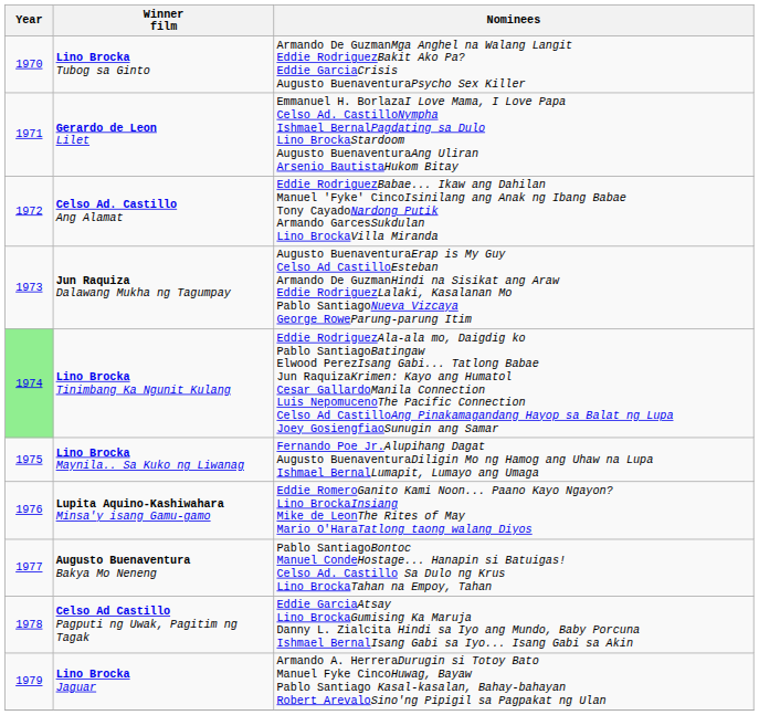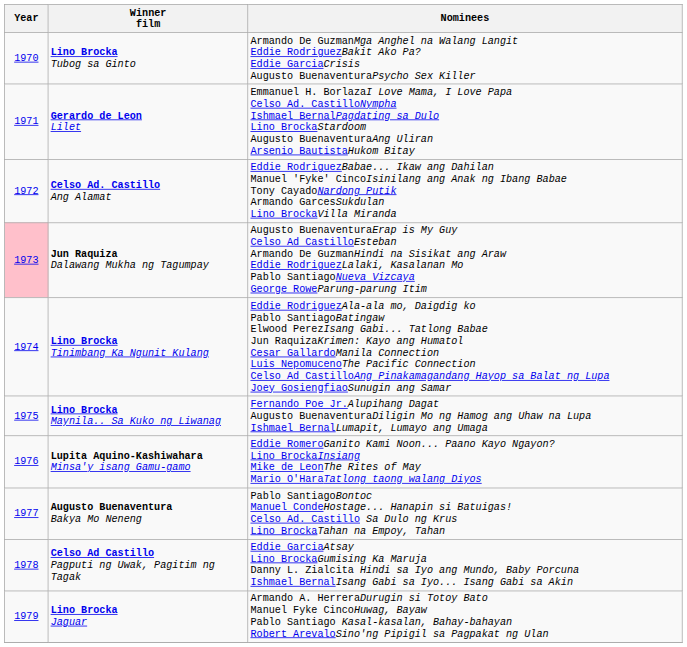 <table class="wikitable">
 <tr>
 <th width="50">Year</th>
 <th width="250">Winner<br>film</th>
 <th width="550">Nominees</th>
 </tr>
 <tr>
 <td align="center"><a href='#'>1970</a></td>
 <td><strong><a href='#'>Lino Brocka</a></strong><br><em>Tubog sa Ginto</em></td>
 <td>Armando De Guzman<em>Mga Anghel na Walang Langit</em> <br><a href='#'>Eddie Rodriguez</a><em>Bakit Ako Pa?</em><br><a href='#'>Eddie Garcia</a><em>Crisis</em><br>Augusto Buenaventura<em>Psycho Sex Killer</em></td>
 </tr>
 <tr>
 <td align="center"><a href='#'>1971</a></td>
 <td><strong><a href='#'>Gerardo de Leon</a></strong><br><em><a href='#'>Lilet</a></em></td>
 <td>Emmanuel H. Borlaza<em>I Love Mama, I Love Papa</em> <br><a href='#'>Celso Ad. Castillo</a><em><a href='#'>Nympha</a></em> <br><a href='#'>Ishmael Bernal</a><em><a href='#'>Pagdating sa Dulo</a></em><br><a href='#'>Lino Brocka</a><em>Stardoom</em><br>Augusto Buenaventura<em>Ang Uliran</em><br><a href='#'>Arsenio Bautista</a><em>Hukom Bitay</em></td>
 </tr>
 <tr>
 <td align="center"><a href='#'>1972</a></td>
 <td><strong><a href='#'>Celso Ad. Castillo</a></strong><br><em>Ang Alamat</em></td>
 <td><a href='#'>Eddie Rodriguez</a><em>Babae... Ikaw ang Dahilan</em> <br>Manuel 'Fyke' Cinco<em>Isinilang ang Anak ng Ibang Babae</em> <br>Tony Cayado<em><a href='#'>Nardong Putik</a></em><br>Armando Garces<em>Sukdulan</em><br><a href='#'>Lino Brocka</a><em>Villa Miranda</em></td>
 </tr>
 <tr>
-<td align="center"><a href='#'>1973</a></td>
+<td align="center" style="background: pink;"><a href='#'>1973</a></td>
 <td><strong>Jun Raquiza</strong><br><em>Dalawang Mukha ng Tagumpay</em></td>
 <td>Augusto Buenaventura<em>Erap is My Guy</em><br><a href='#'>Celso Ad Castillo</a><em>Esteban</em> <br>Armando De Guzman<em>Hindi na Sisikat ang Araw</em> <br><a href='#'>Eddie Rodriguez</a><em>Lalaki, Kasalanan Mo</em><br>Pablo Santiago<em><a href='#'>Nueva Vizcaya</a></em><br><a href='#'>George Rowe</a><em>Parung-parung Itim</em></td>
 </tr>
 <tr>
-<td align="center" style="background: lightgreen;"><a href='#'>1974</a></td>
+<td align="center"><a href='#'>1974</a></td>
 <td><strong><a href='#'>Lino Brocka</a></strong><br><em><a href='#'>Tinimbang Ka Ngunit Kulang</a></em></td>
 <td><a href='#'>Eddie Rodriguez</a><em>Ala-ala mo, Daigdig ko</em><br>Pablo Santiago<em>Batingaw</em> <br>Elwood Perez<em>Isang Gabi... Tatlong Babae</em><br>Jun Raquiza<em>Krimen: Kayo ang Humatol</em><br><a href='#'>Cesar Gallardo</a><em>Manila Connection</em> <br><a href='#'>Luis Nepomuceno</a><em>The Pacific Connection</em> <br><a href='#'>Celso Ad Castillo</a><em><a href='#'>Ang Pinakamagandang Hayop sa Balat ng Lupa</a></em> <br><a href='#'>Joey Gosiengfiao</a><em>Sunugin ang Samar</em></td>
 </tr>
 <tr>
 <td align="center"><a href='#'>1975</a></td>
 <td><strong><a href='#'>Lino Brocka</a></strong><br><em><a href='#'>Maynila.. Sa Kuko ng Liwanag</a></em></td>
 <td><a href='#'>Fernando Poe Jr.</a><em>Alupihang Dagat</em><br>Augusto Buenaventura<em>Diligin Mo ng Hamog ang Uhaw na Lupa</em> <br><a href='#'>Ishmael Bernal</a><em>Lumapit, Lumayo ang Umaga</em></td>
 </tr>
 <tr>
 <td align="center"><a href='#'>1976</a></td>
 <td><strong>Lupita Aquino-Kashiwahara</strong><br><em><a href='#'>Minsa'y isang Gamu-gamo</a></em></td>
 <td><a href='#'>Eddie Romero</a><em>Ganito Kami Noon... Paano Kayo Ngayon?</em> <br><a href='#'>Lino Brocka</a><em><a href='#'>Insiang</a></em><br><a href='#'>Mike de Leon</a><em>The Rites of May</em> <br><a href='#'>Mario O'Hara</a><em><a href='#'>Tatlong taong walang Diyos</a></em></td>
 </tr>
 <tr>
 <td align="center"><a href='#'>1977</a></td>
 <td><strong>Augusto Buenaventura</strong><br><em>Bakya Mo Neneng</em></td>
 <td>Pablo Santiago<em>Bontoc</em><br><a href='#'>Manuel Conde</a><em>Hostage... Hanapin si Batuigas!</em><br><a href='#'>Celso Ad. Castillo</a><em> Sa Dulo ng Krus</em> <br><a href='#'>Lino Brocka</a><em>Tahan na Empoy, Tahan</em></td>
 </tr>
 <tr>
 <td align="center"><a href='#'>1978</a></td>
 <td><strong><a href='#'>Celso Ad Castillo</a></strong><br><em>Pagputi ng Uwak, Pagitim ng Tagak</em></td>
 <td><a href='#'>Eddie Garcia</a><em>Atsay</em><br><a href='#'>Lino Brocka</a><em>Gumising Ka Maruja</em><br>Danny L. Zialcita<em> Hindi sa Iyo ang Mundo, Baby Porcuna</em><br><a href='#'>Ishmael Bernal</a><em>Isang Gabi sa Iyo... Isang Gabi sa Akin</em></td>
 </tr>
 <tr>
 <td align="center"><a href='#'>1979</a></td>
 <td><strong><a href='#'>Lino Brocka</a></strong><br><em><a href='#'>Jaguar</a></em></td>
 <td>Armando A. Herrera<em>Durugin si Totoy Bato</em><br>Manuel Fyke Cinco<em>Huwag, Bayaw</em><br>Pablo Santiago<em> Kasal-kasalan, Bahay-bahayan</em><br><a href='#'>Robert Arevalo</a><em>Sino'ng Pipigil sa Pagpakat ng Ulan</em></td>
 </tr>
 <tr>
 </tr>
 </table>
